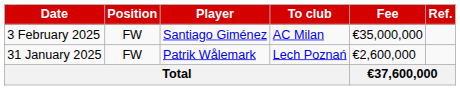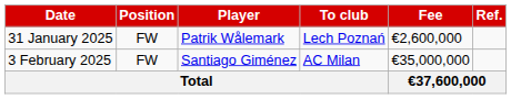 <table class="wikitable sortable">
 <tr>
 <th style="background:#d50000; color:white;">Date</th>
 <th style="background:#d50000; color:white;">Position</th>
 <th style="background:#d50000; color:white;">Player</th>
 <th style="background:#d50000; color:white;">To club</th>
 <th style="background:#d50000; color:white;">Fee</th>
 <th style="background:#d50000; color:white;">Ref.</th>
 </tr>
 <tr>
+<td>31 January 2025</td>
+<td style="text-align:center;">FW</td>
+<td style="text-align;left:"> <a href='#'>Patrik Wålemark</a></td>
+<td style="text-align:left;"> <a href='#'>Lech Poznań</a></td>
+<td>€2,600,000</td>
+<td></td>
+</tr>
+<tr>
 <td>3 February 2025</td>
 <td style="text-align:center;">FW</td>
 <td style="text-align;left:"> <a href='#'>Santiago Giménez</a></td>
 <td style="text-align:left;"> <a href='#'>AC Milan</a></td>
 <td>€35,000,000</td>
 <td></td>
 </tr>
 <tr>
-<td>31 January 2025</td>
-<td style="text-align:center;">FW</td>
-<td style="text-align;left:"> <a href='#'>Patrik Wålemark</a></td>
-<td style="text-align:left;"> <a href='#'>Lech Poznań</a></td>
-<td>€2,600,000</td>
-<td></td>
-</tr>
-<tr>
 <th colspan="4">Total</th>
 <th colspan="2">€37,600,000</th>
 </tr>
 </table>
